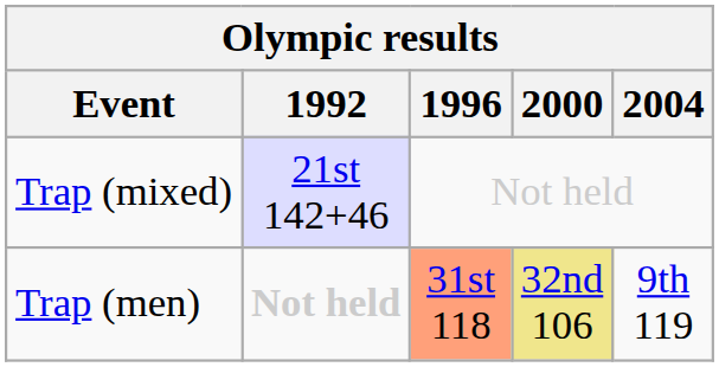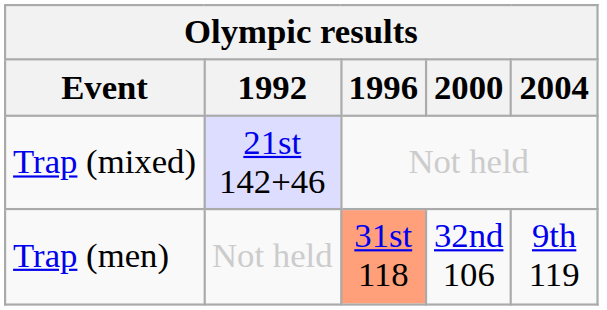 <table class="wikitable" style="text-align: center">
 <tr>
 <th colspan=5>Olympic results</th>
 </tr>
 <tr>
 <th>Event</th>
 <th>1992</th>
 <th>1996</th>
 <th>2000</th>
 <th>2004</th>
 </tr>
 <tr>
 <td align=left><a href='#'>Trap</a> (mixed)</td>
 <td style="background: #ddddff"><a href='#'>21st</a><br>142+46</td>
 <td colspan=3 style="color: #cccccc">Not held</td>
 </tr>
 <tr>
 <td align=left><a href='#'>Trap</a> (men)</td>
-<td style="color: #cccccc"><strong>Not held</strong></td>
+<td style="color: #cccccc">Not held</td>
 <td style="background: lightsalmon;"><a href='#'>31st</a><br>118</td>
-<td style="background: khaki;"><a href='#'>32nd</a><br>106</td>
+<td><a href='#'>32nd</a><br>106</td>
 <td><a href='#'>9th</a><br>119</td>
 </tr>
 </table>
